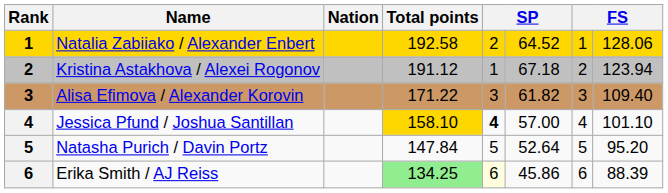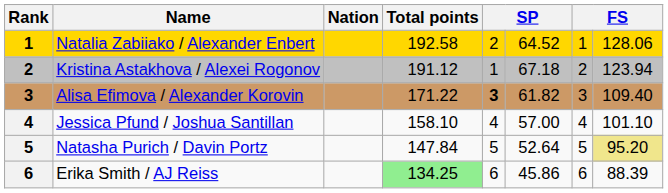 <table class="wikitable sortable">
 <tr>
 <th>Rank</th>
 <th>Name</th>
 <th>Nation</th>
 <th>Total points</th>
 <th colspan="2" width="80px"><a href='#'>SP</a></th>
 <th colspan="2" width="80px"><a href='#'>FS</a></th>
 </tr>
 <tr bgcolor="gold">
 <td align="center"><strong>1</strong></td>
 <td><a href='#'>Natalia Zabiiako</a> / <a href='#'>Alexander Enbert</a></td>
 <td></td>
 <td align="center">192.58</td>
 <td align="center">2</td>
 <td align="center">64.52</td>
 <td align="center">1</td>
 <td align="center">128.06</td>
 </tr>
 <tr bgcolor="silver">
 <td align="center"><strong>2</strong></td>
 <td><a href='#'>Kristina Astakhova</a> / <a href='#'>Alexei Rogonov</a></td>
 <td></td>
 <td align="center">191.12</td>
 <td align="center">1</td>
 <td align="center">67.18</td>
 <td align="center">2</td>
 <td align="center">123.94</td>
 </tr>
 <tr bgcolor="cc9966">
 <td align="center"><strong>3</strong></td>
 <td><a href='#'>Alisa Efimova</a> / <a href='#'>Alexander Korovin</a></td>
 <td></td>
 <td align="center">171.22</td>
-<td align="center">3</td>
+<td align="center"><strong>3</strong></td>
 <td align="center">61.82</td>
 <td align="center">3</td>
 <td align="center">109.40</td>
 </tr>
 <tr>
 <th>4</th>
 <td><a href='#'>Jessica Pfund</a> / <a href='#'>Joshua Santillan</a></td>
 <td></td>
-<td align="center" style="background: gold;">158.10</td>
-<td align="center"><strong>4</strong></td>
+<td align="center">158.10</td>
+<td align="center">4</td>
 <td align="center">57.00</td>
 <td align="center">4</td>
 <td align="center">101.10</td>
 </tr>
 <tr>
 <th>5</th>
 <td><a href='#'>Natasha Purich</a> / <a href='#'>Davin Portz</a></td>
 <td></td>
 <td align="center">147.84</td>
 <td align="center">5</td>
 <td align="center">52.64</td>
 <td align="center">5</td>
-<td align="center">95.20</td>
+<td align="center" style="background: khaki;">95.20</td>
 </tr>
 <tr>
 <th>6</th>
 <td>Erika Smith / <a href='#'>AJ Reiss</a></td>
 <td></td>
 <td align="center" style="background: lightgreen;">134.25</td>
-<td align="center" style="background: lightyellow;">6</td>
+<td align="center">6</td>
 <td align="center">45.86</td>
 <td align="center">6</td>
 <td align="center">88.39</td>
 </tr>
 </table>
